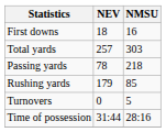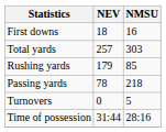 <table class="wikitable" style="float: left;">
 <tr>
 <th>Statistics</th>
 <th>NEV</th>
 <th>NMSU</th>
 </tr>
 <tr>
 <td>First downs</td>
 <td>18</td>
 <td>16</td>
 </tr>
 <tr>
 <td>Total yards</td>
 <td>257</td>
 <td>303</td>
 </tr>
 <tr>
+<td>Rushing yards</td>
+<td>179</td>
+<td>85</td>
+</tr>
+<tr>
 <td>Passing yards</td>
 <td>78</td>
 <td>218</td>
-</tr>
-<tr>
-<td>Rushing yards</td>
-<td>179</td>
-<td>85</td>
 </tr>
 <tr>
 <td>Turnovers</td>
 <td>0</td>
 <td>5</td>
 </tr>
 <tr>
 <td>Time of possession</td>
 <td>31:44</td>
 <td>28:16</td>
 </tr>
 <tr>
 </tr>
 </table>
